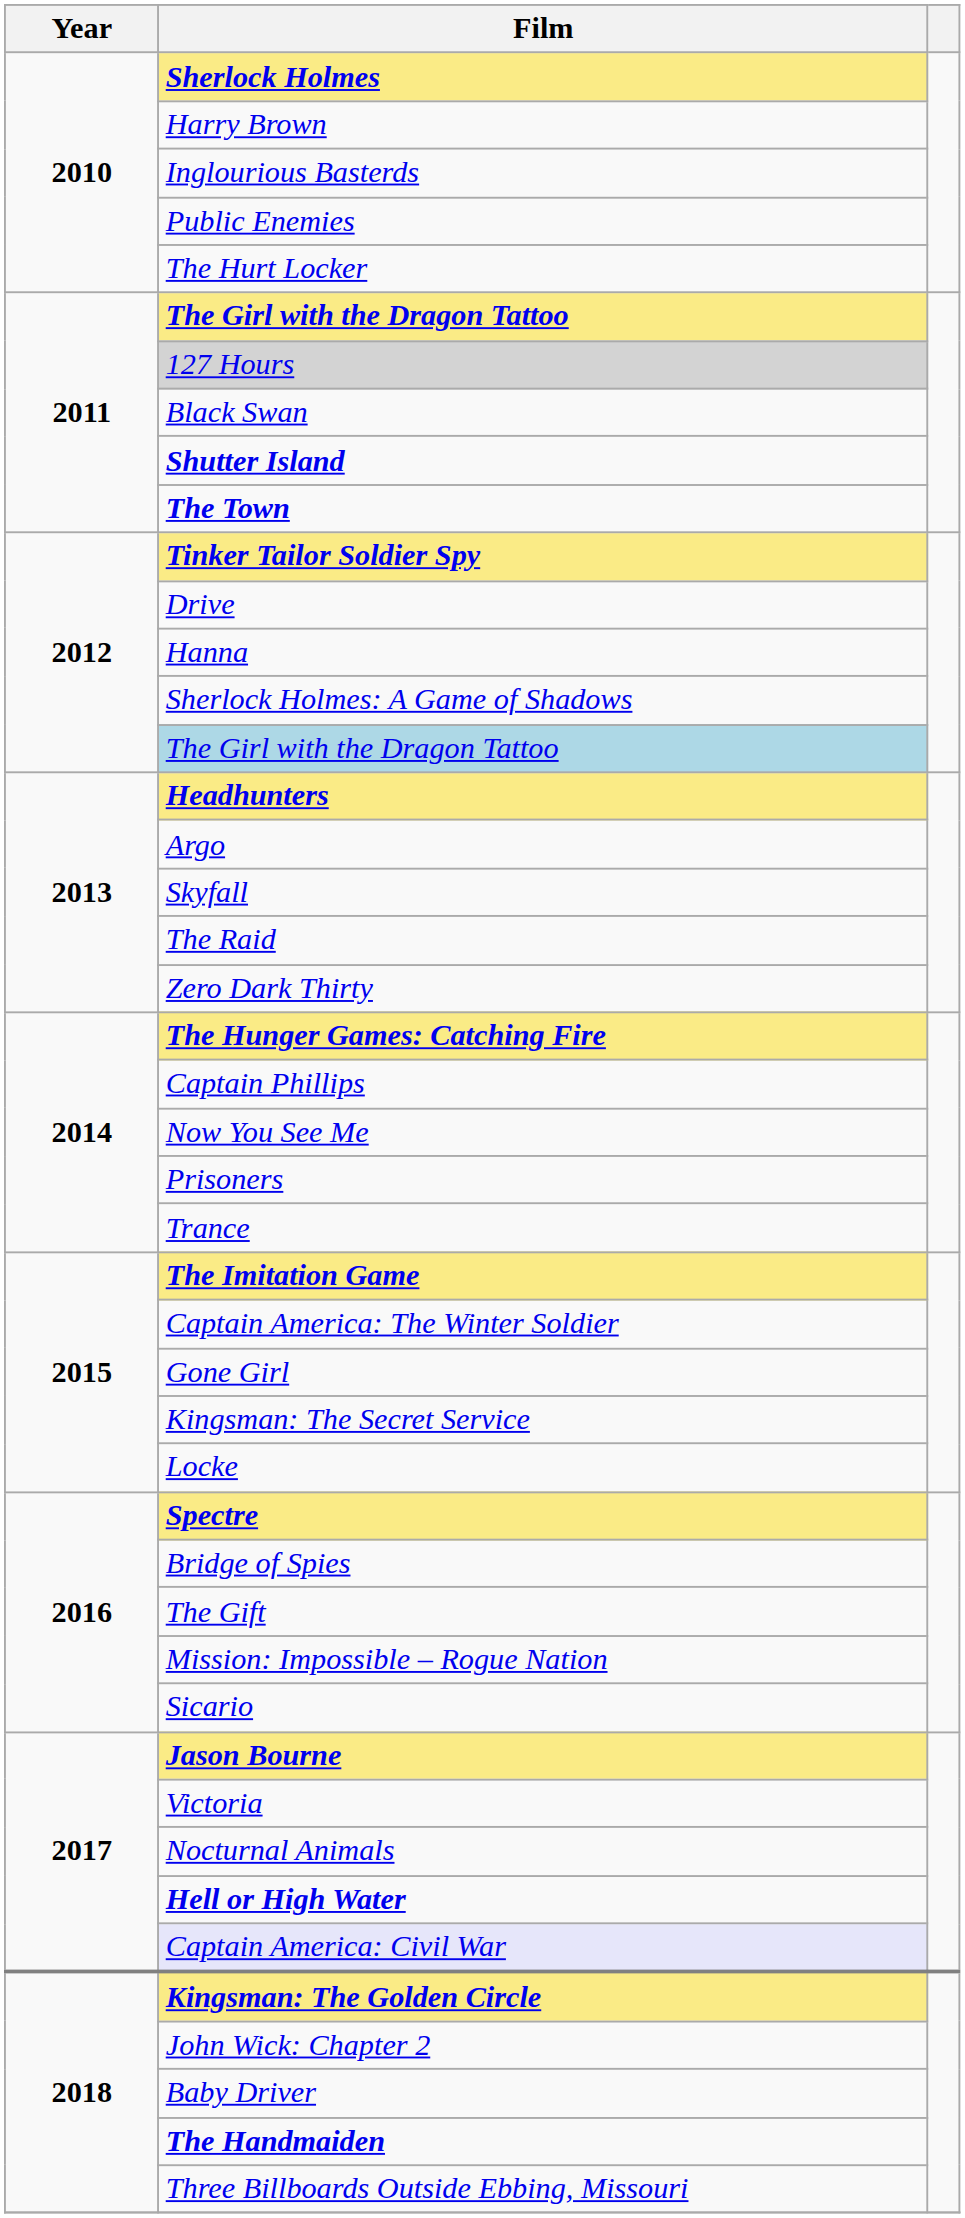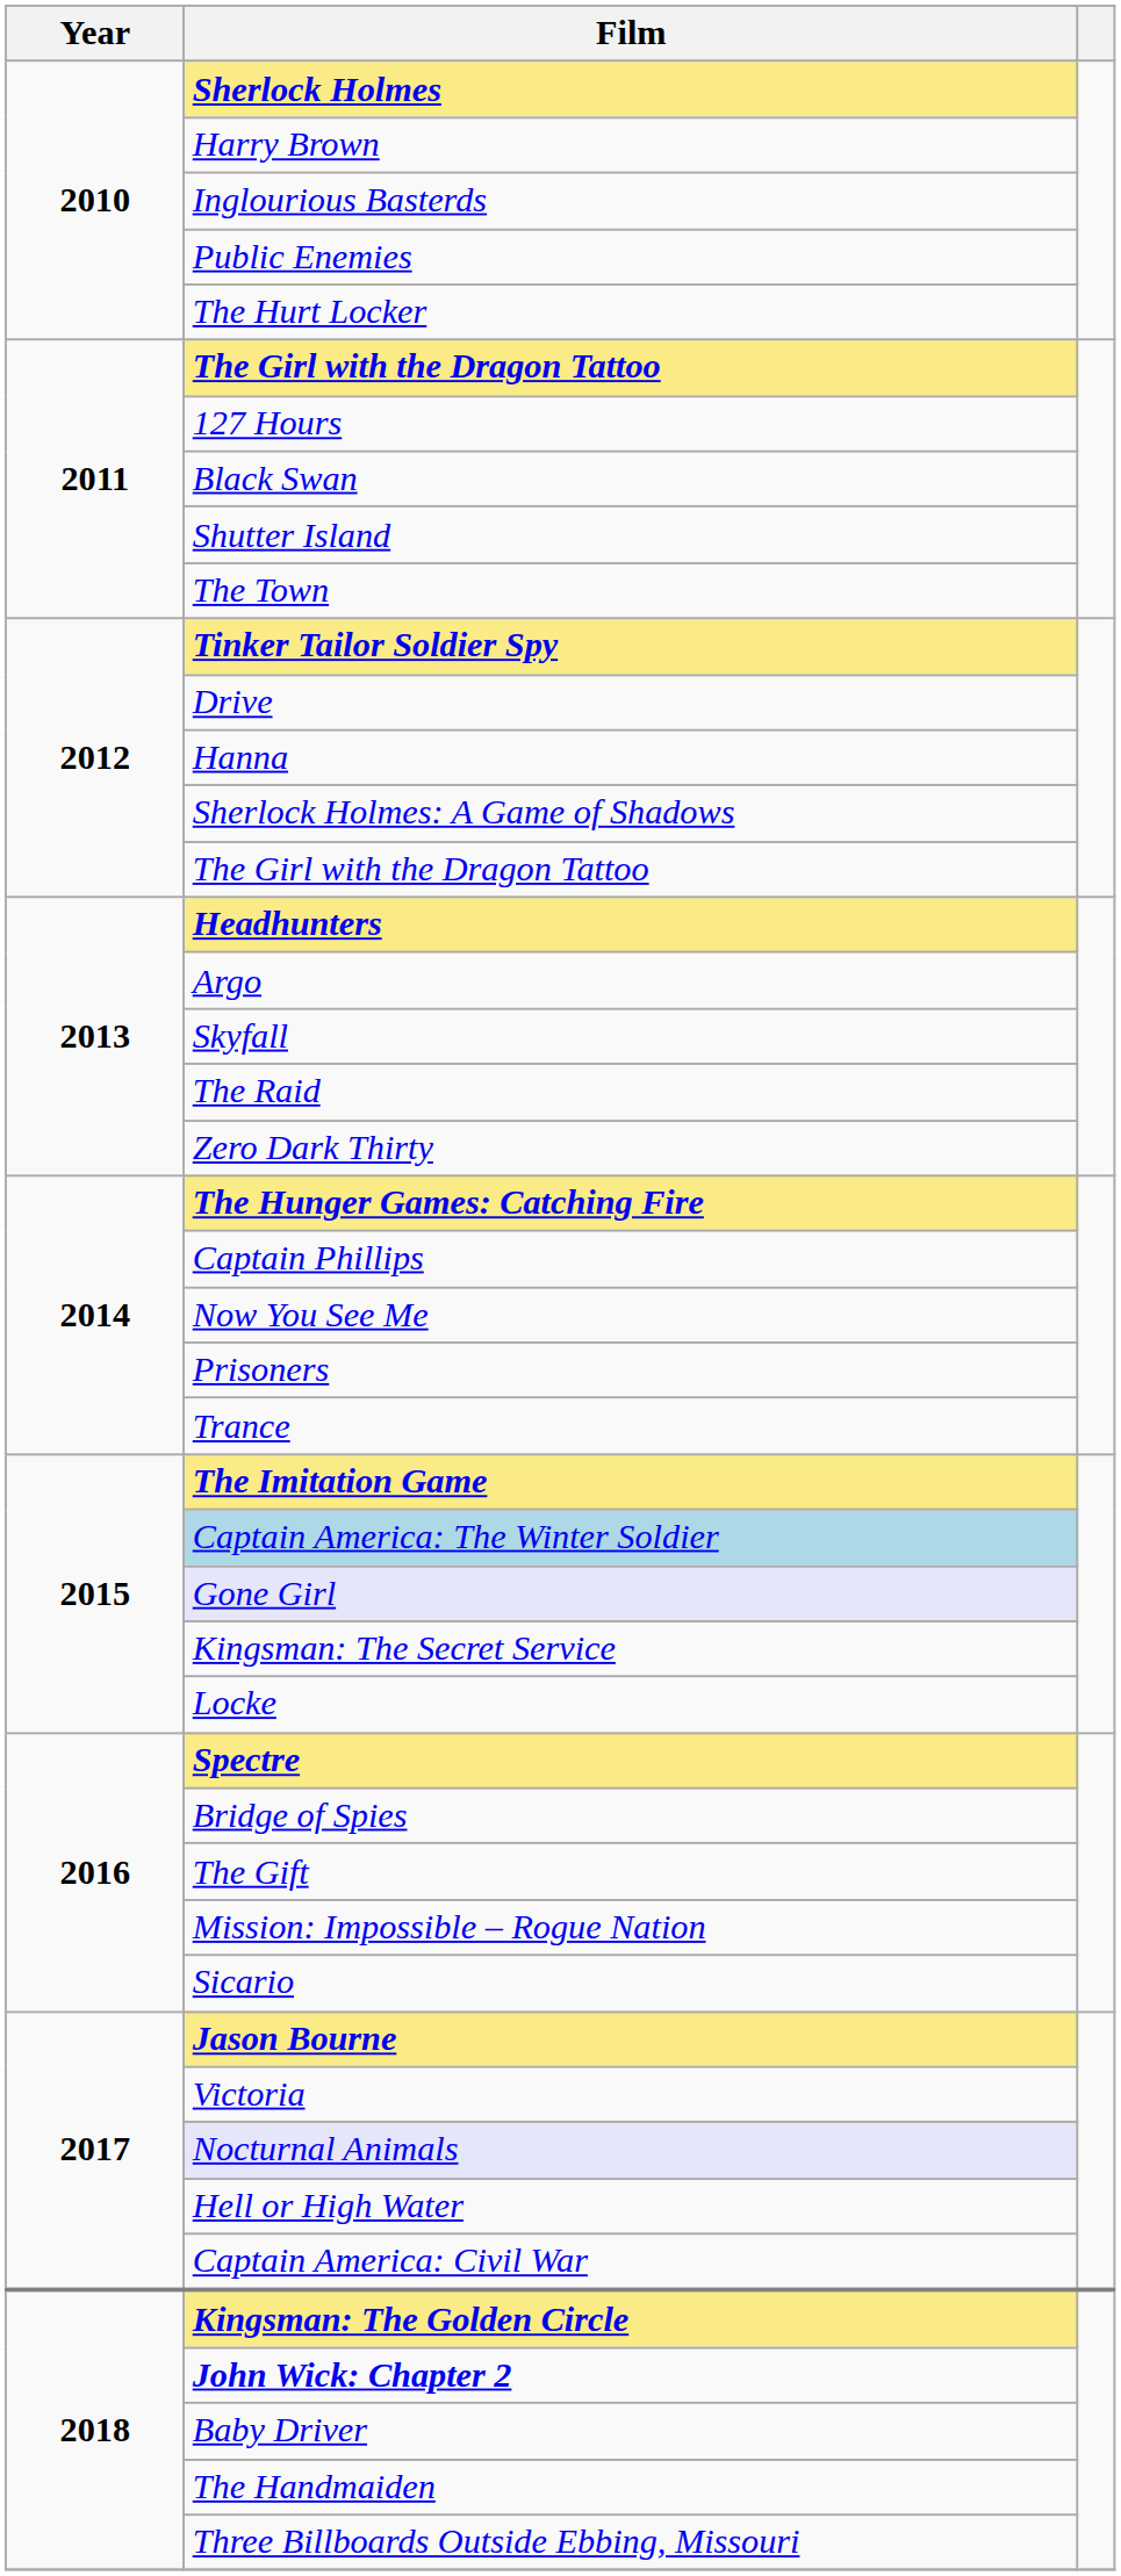 <table class="wikitable" width="40%">
 <tr>
 <th width="10%">Year</th>
 <th width="50%">Film</th>
 <th width="2%"></th>
 </tr>
 <tr>
 <td rowspan="5" style="text-align:center"><strong>2010<br> </strong></td>
 <td style="background:#FAEB86"><strong><em><a href='#'>Sherlock Holmes</a></em></strong></td>
 <td rowspan="5" style="text-align:center"></td>
 </tr>
 <tr>
 <td><em><a href='#'>Harry Brown</a></em></td>
 </tr>
 <tr>
 <td><em><a href='#'>Inglourious Basterds</a></em></td>
 </tr>
 <tr>
 <td><em><a href='#'>Public Enemies</a></em></td>
 </tr>
 <tr>
 <td><em><a href='#'>The Hurt Locker</a></em></td>
 </tr>
 <tr>
 <td rowspan="5" style="text-align:center"><strong>2011<br> </strong></td>
 <td style="background:#FAEB86"><strong><em><a href='#'>The Girl with the Dragon Tattoo</a></em></strong></td>
 <td rowspan="5" style="text-align:center"></td>
 </tr>
 <tr>
-<td style="background: lightgrey;"><em><a href='#'>127 Hours</a></em></td>
+<td><em><a href='#'>127 Hours</a></em></td>
 </tr>
 <tr>
 <td><em><a href='#'>Black Swan</a></em></td>
 </tr>
 <tr>
-<td><strong><em><a href='#'>Shutter Island</a></em></strong></td>
+<td><em><a href='#'>Shutter Island</a></em></td>
 </tr>
 <tr>
-<td><strong><em><a href='#'>The Town</a></em></strong></td>
+<td><em><a href='#'>The Town</a></em></td>
 </tr>
 <tr>
 <td rowspan="5" style="text-align:center"><strong>2012<br> </strong></td>
 <td style="background:#FAEB86"><strong><em><a href='#'>Tinker Tailor Soldier Spy</a></em></strong></td>
 <td rowspan="5" style="text-align:center"></td>
 </tr>
 <tr>
 <td><em><a href='#'>Drive</a></em></td>
 </tr>
 <tr>
 <td><em><a href='#'>Hanna</a></em></td>
 </tr>
 <tr>
 <td><em><a href='#'>Sherlock Holmes: A Game of Shadows</a></em></td>
 </tr>
 <tr>
-<td style="background: lightblue;"><em><a href='#'>The Girl with the Dragon Tattoo</a></em></td>
+<td><em><a href='#'>The Girl with the Dragon Tattoo</a></em></td>
 </tr>
 <tr>
 <td rowspan="5" style="text-align:center"><strong>2013<br> </strong></td>
 <td style="background:#FAEB86"><strong><em><a href='#'>Headhunters</a></em></strong></td>
 <td rowspan="5" style="text-align:center"></td>
 </tr>
 <tr>
 <td><em><a href='#'>Argo</a></em></td>
 </tr>
 <tr>
 <td><em><a href='#'>Skyfall</a></em></td>
 </tr>
 <tr>
 <td><em><a href='#'>The Raid</a></em></td>
 </tr>
 <tr>
 <td><em><a href='#'>Zero Dark Thirty</a></em></td>
 </tr>
 <tr>
 <td rowspan="5" style="text-align:center"><strong>2014<br> </strong></td>
 <td style="background:#FAEB86"><strong><em><a href='#'>The Hunger Games: Catching Fire</a></em></strong></td>
 <td rowspan="5" style="text-align:center"></td>
 </tr>
 <tr>
 <td><em><a href='#'>Captain Phillips</a></em></td>
 </tr>
 <tr>
 <td><em><a href='#'>Now You See Me</a></em></td>
 </tr>
 <tr>
 <td><em><a href='#'>Prisoners</a></em></td>
 </tr>
 <tr>
 <td><em><a href='#'>Trance</a></em></td>
 </tr>
 <tr>
 <td rowspan="5" style="text-align:center"><strong>2015<br> </strong></td>
 <td style="background:#FAEB86"><strong><em><a href='#'>The Imitation Game</a></em></strong></td>
 <td rowspan="5" style="text-align:center"></td>
 </tr>
 <tr>
-<td><em><a href='#'>Captain America: The Winter Soldier</a></em></td>
+<td style="background: lightblue;"><em><a href='#'>Captain America: The Winter Soldier</a></em></td>
 </tr>
 <tr>
-<td><em><a href='#'>Gone Girl</a></em></td>
+<td style="background: lavender;"><em><a href='#'>Gone Girl</a></em></td>
 </tr>
 <tr>
 <td><em><a href='#'>Kingsman: The Secret Service</a></em></td>
 </tr>
 <tr>
 <td><em><a href='#'>Locke</a></em></td>
 </tr>
 <tr>
 <td rowspan="5" style="text-align:center"><strong>2016<br> </strong></td>
 <td style="background:#FAEB86"><strong><em><a href='#'>Spectre</a></em></strong></td>
 <td rowspan="5" style="text-align:center"></td>
 </tr>
 <tr>
 <td><em><a href='#'>Bridge of Spies</a></em></td>
 </tr>
 <tr>
 <td><em><a href='#'>The Gift</a></em></td>
 </tr>
 <tr>
 <td><em><a href='#'>Mission: Impossible – Rogue Nation</a></em></td>
 </tr>
 <tr>
 <td><em><a href='#'>Sicario</a></em></td>
 </tr>
 <tr>
 <td rowspan="5" style="text-align:center"><strong>2017<br> </strong></td>
 <td style="background:#FAEB86"><strong><em><a href='#'>Jason Bourne</a></em></strong></td>
 <td rowspan="5" style="text-align:center"></td>
 </tr>
 <tr>
 <td><em><a href='#'>Victoria</a></em></td>
 </tr>
 <tr>
-<td><em><a href='#'>Nocturnal Animals</a></em></td>
+<td style="background: lavender;"><em><a href='#'>Nocturnal Animals</a></em></td>
 </tr>
 <tr>
-<td><strong><em><a href='#'>Hell or High Water</a></em></strong></td>
+<td><em><a href='#'>Hell or High Water</a></em></td>
 </tr>
 <tr>
-<td style="background: lavender;"><em><a href='#'>Captain America: Civil War</a></em></td>
+<td><em><a href='#'>Captain America: Civil War</a></em></td>
 </tr>
 <tr style="border-top:2px solid gray;">
 <td rowspan="5" style="text-align:center"><strong>2018<br> </strong></td>
 <td style="background:#FAEB86"><strong><em><a href='#'>Kingsman: The Golden Circle</a></em></strong></td>
 <td rowspan="5" style="text-align:center"></td>
 </tr>
 <tr>
-<td><em><a href='#'>John Wick: Chapter 2</a></em></td>
+<td><strong><em><a href='#'>John Wick: Chapter 2</a></em></strong></td>
 </tr>
 <tr>
 <td><em><a href='#'>Baby Driver</a></em></td>
 </tr>
 <tr>
-<td><strong><em><a href='#'>The Handmaiden</a></em></strong></td>
+<td><em><a href='#'>The Handmaiden</a></em></td>
 </tr>
 <tr>
 <td><em><a href='#'>Three Billboards Outside Ebbing, Missouri</a></em></td>
 </tr>
 <tr>
 </tr>
 </table>
